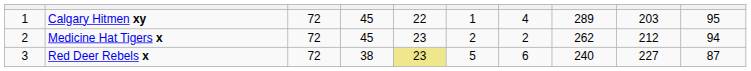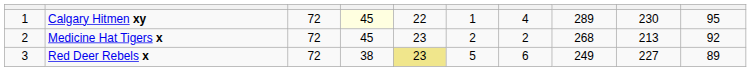 <table class="wikitable sortable">
 <tr>
 <th style="width:3em"></th>
 <th style="width:20em;" class="unsortable"></th>
 <th style="width:4em;" class="unsortable"></th>
 <th style="width:4em;"></th>
 <th style="width:4em;"></th>
 <th style="width:4em;"></th>
 <th style="width:4em;"></th>
 <th style="width:5em;"></th>
 <th style="width:5em;"></th>
 <th style="width:5em;"></th>
 </tr>
 <tr style="font-weight: ; text-align: center;">
 <td>1</td>
 <td style="text-align:left;"><a href='#'>Calgary Hitmen</a> <strong>xy</strong></td>
 <td>72</td>
-<td>45</td>
+<td style="background: lightyellow;">45</td>
 <td>22</td>
 <td>1</td>
 <td>4</td>
 <td>289</td>
-<td>203</td>
+<td>230</td>
 <td>95</td>
 </tr>
 <tr style="font-weight: ; text-align: center;">
 <td>2</td>
 <td style="text-align:left;"><a href='#'>Medicine Hat Tigers</a> <strong>x</strong></td>
 <td>72</td>
 <td>45</td>
 <td>23</td>
 <td>2</td>
 <td>2</td>
-<td>262</td>
-<td>212</td>
-<td>94</td>
+<td>268</td>
+<td>213</td>
+<td>92</td>
 </tr>
 <tr style="font-weight: ; text-align: center;">
 <td>3</td>
 <td style="text-align:left;"><a href='#'>Red Deer Rebels</a> <strong>x</strong></td>
 <td>72</td>
 <td>38</td>
 <td style="background: khaki;">23</td>
 <td>5</td>
 <td>6</td>
-<td>240</td>
+<td>249</td>
 <td>227</td>
-<td>87</td>
+<td>89</td>
 </tr>
 </table>
